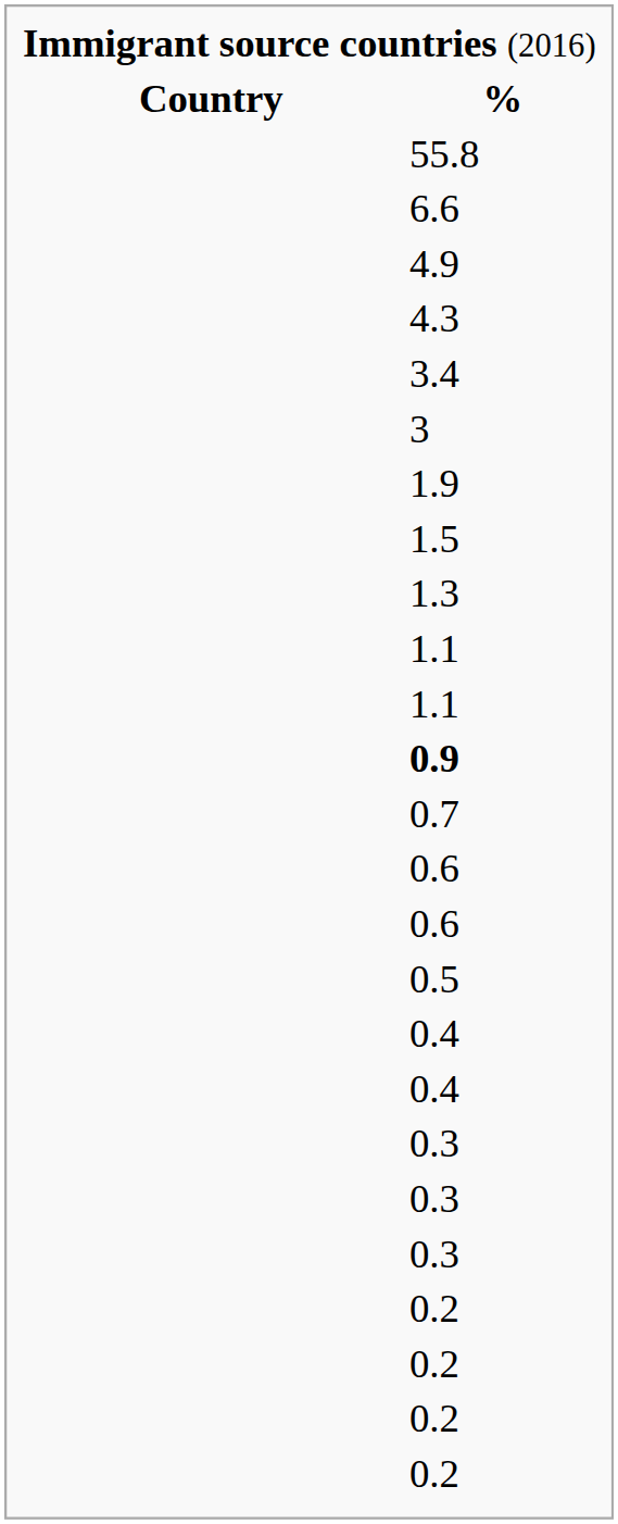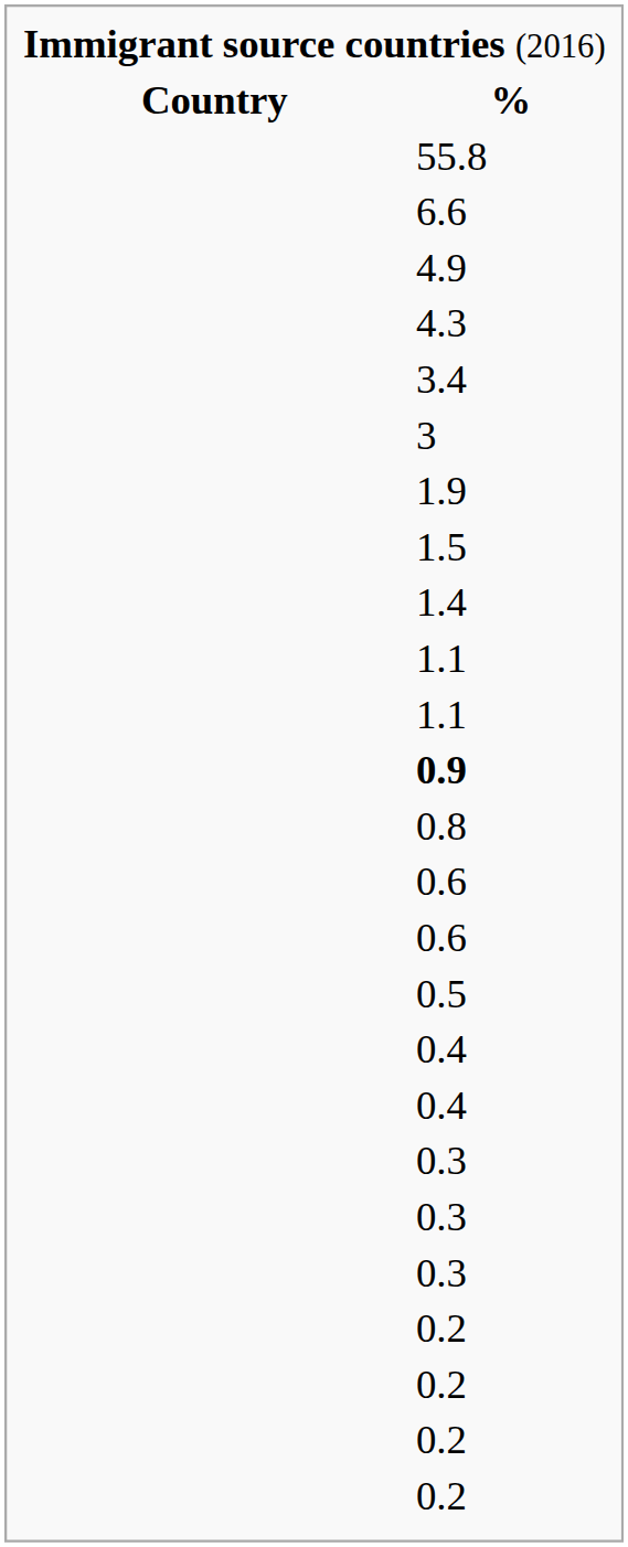 <table class="infobox" style="float:right;">
 <tr>
 <td style="text-align:center;" colspan="2"><strong>Immigrant source countries</strong> <small>(2016)</small></td>
 </tr>
 <tr>
 <th>Country</th>
 <th>%</th>
 </tr>
 <tr>
 <td></td>
 <td>55.8</td>
 </tr>
 <tr>
 <td></td>
 <td>6.6</td>
 </tr>
 <tr>
 <td></td>
 <td>4.9</td>
 </tr>
 <tr>
 <td></td>
 <td>4.3</td>
 </tr>
 <tr>
 <td></td>
 <td>3.4</td>
 </tr>
 <tr>
 <td></td>
 <td>3</td>
 </tr>
 <tr>
 <td></td>
 <td>1.9</td>
 </tr>
 <tr>
 <td></td>
 <td>1.5</td>
 </tr>
 <tr>
 <td></td>
-<td>1.3</td>
+<td>1.4</td>
 </tr>
 <tr>
 <td></td>
 <td>1.1</td>
 </tr>
 <tr>
 <td></td>
 <td>1.1</td>
 </tr>
 <tr>
 <td></td>
 <td><strong>0.9</strong></td>
 </tr>
 <tr>
 <td></td>
-<td>0.7</td>
+<td>0.8</td>
 </tr>
 <tr>
 <td></td>
 <td>0.6</td>
 </tr>
 <tr>
 <td></td>
 <td>0.6</td>
 </tr>
 <tr>
 <td></td>
 <td>0.5</td>
 </tr>
 <tr>
 <td></td>
 <td>0.4</td>
 </tr>
 <tr>
 <td></td>
 <td>0.4</td>
 </tr>
 <tr>
 <td></td>
 <td>0.3</td>
 </tr>
 <tr>
 <td></td>
 <td>0.3</td>
 </tr>
 <tr>
 <td></td>
 <td>0.3</td>
 </tr>
 <tr>
 <td></td>
 <td>0.2</td>
 </tr>
 <tr>
 <td></td>
 <td>0.2</td>
 </tr>
 <tr>
 <td></td>
 <td>0.2</td>
 </tr>
 <tr>
 <td></td>
 <td>0.2</td>
 </tr>
 <tr>
 </tr>
 </table>
